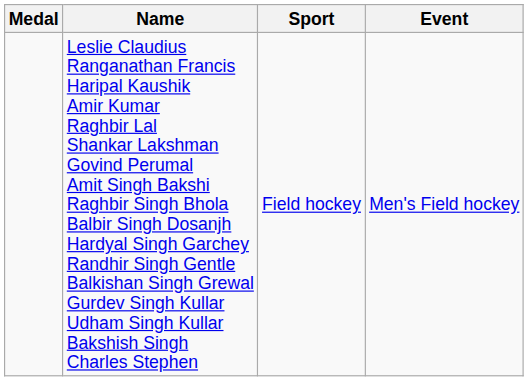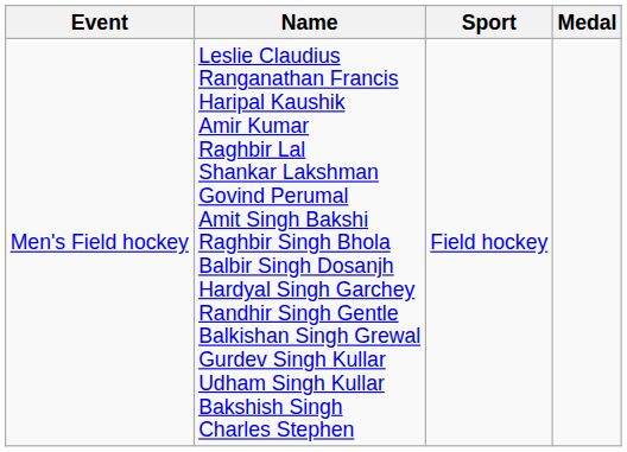 <table class="wikitable sortable" style="font-size:95%">
 <tr>
-<th>Medal</th>
+<th>Event</th>
 <th>Name</th>
 <th>Sport</th>
-<th>Event</th>
+<th>Medal</th>
 </tr>
 <tr>
-<td></td>
+<td><a href='#'>Men's Field hockey</a></td>
 <td><a href='#'>Leslie Claudius</a><br><a href='#'>Ranganathan Francis</a><br><a href='#'>Haripal Kaushik</a><br><a href='#'>Amir Kumar</a><br><a href='#'>Raghbir Lal</a><br><a href='#'>Shankar Lakshman</a><br><a href='#'>Govind Perumal</a><br><a href='#'>Amit Singh Bakshi</a><br><a href='#'>Raghbir Singh Bhola</a><br><a href='#'>Balbir Singh Dosanjh</a><br><a href='#'>Hardyal Singh Garchey</a><br><a href='#'>Randhir Singh Gentle</a><br><a href='#'>Balkishan Singh Grewal</a><br><a href='#'>Gurdev Singh Kullar</a><br><a href='#'>Udham Singh Kullar</a><br><a href='#'>Bakshish Singh</a><br><a href='#'>Charles Stephen</a></td>
 <td><a href='#'>Field hockey</a></td>
-<td><a href='#'>Men's Field hockey</a></td>
+<td></td>
 </tr>
 </table>
